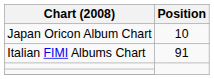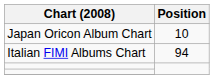 <table class="wikitable">
 <tr>
 <th>Chart (2008)</th>
 <th>Position</th>
 </tr>
 <tr>
 <td>Japan Oricon Album Chart</td>
 <td align="center">10</td>
 </tr>
 <tr>
 <td>Italian <a href='#'>FIMI</a> Albums Chart</td>
-<td align="center">91</td>
+<td align="center">94</td>
 </tr>
 <tr>
 <td></td>
 </tr>
 <tr>
 <td></td>
 </tr>
 <tr>
 </tr>
 </table>
